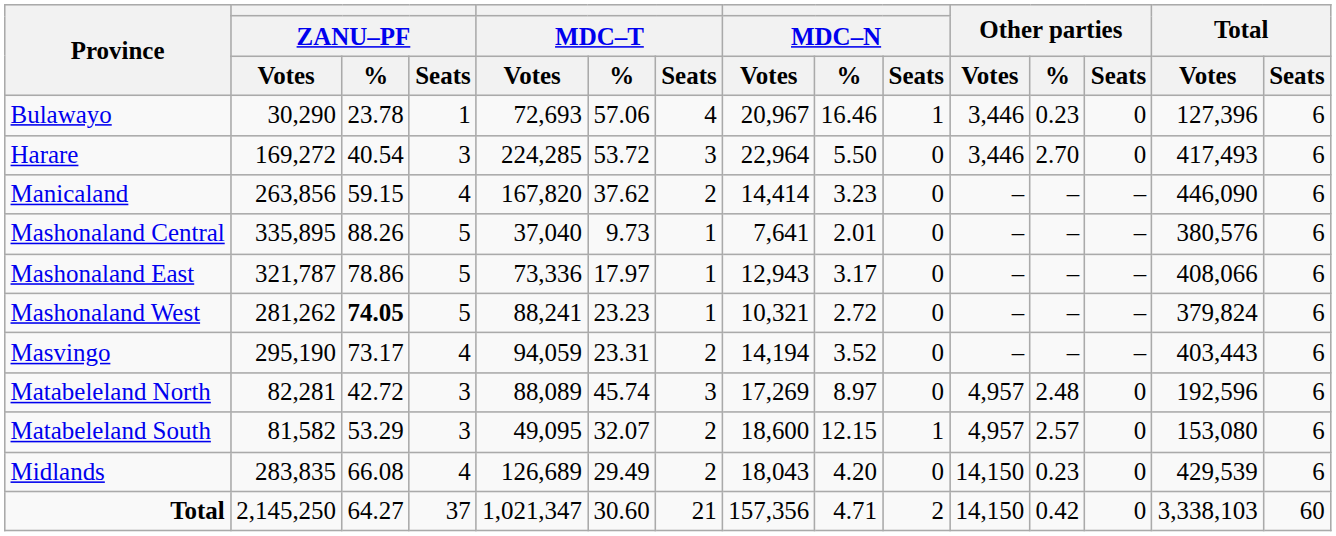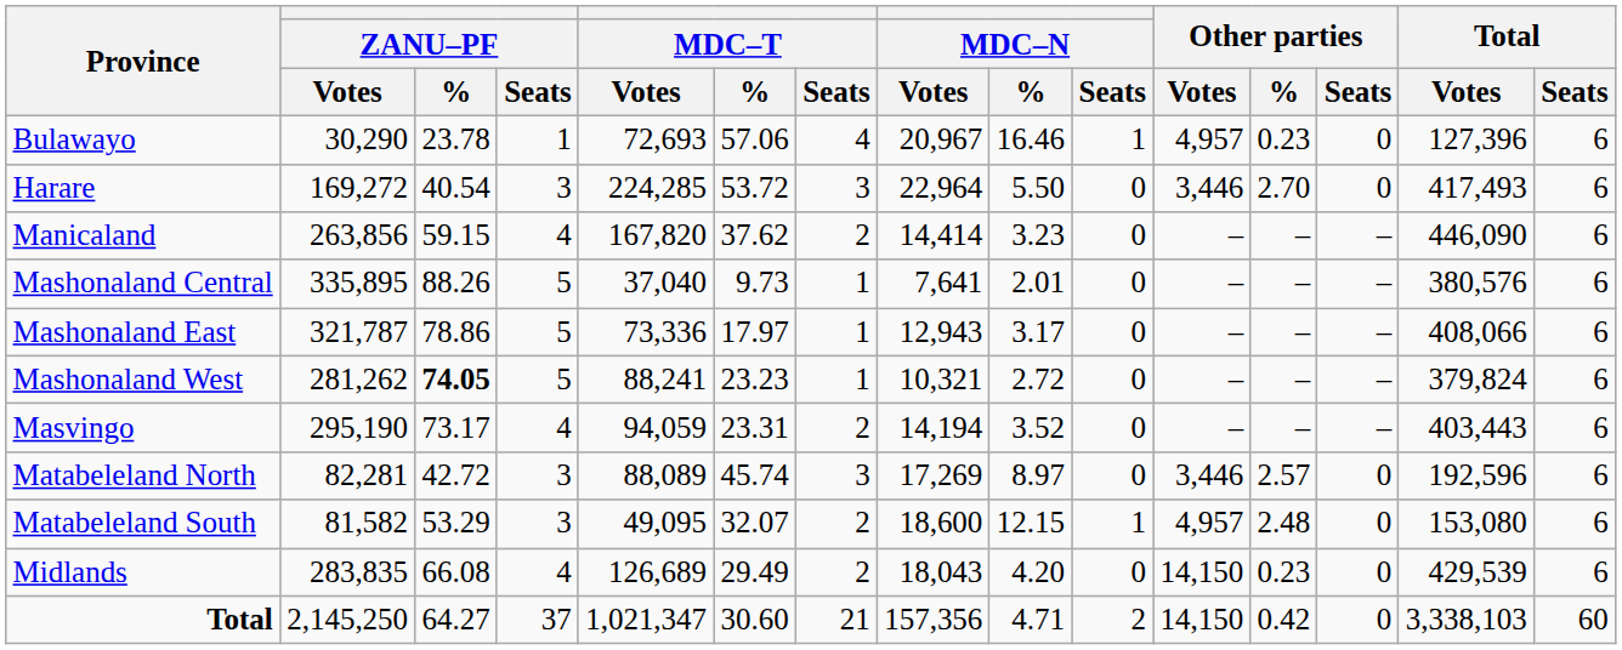 <table class="wikitable" style="text-align:right">
 <tr>
 <th rowspan="3">Province</th>
 <th colspan="3" style="background-color: "></th>
 <th colspan="3" style="background-color: "></th>
 <th colspan="3" style="background-color: "></th>
 <th colspan="3" rowspan="2">Other parties</th>
 <th colspan="2" rowspan="2">Total</th>
 </tr>
 <tr>
 <th colspan="3"><a href='#'>ZANU–PF</a></th>
 <th colspan="3"><a href='#'>MDC–T</a></th>
 <th colspan="3"><a href='#'>MDC–N</a></th>
 </tr>
 <tr>
 <th>Votes</th>
 <th>%</th>
 <th>Seats</th>
 <th>Votes</th>
 <th>%</th>
 <th>Seats</th>
 <th>Votes</th>
 <th>%</th>
 <th>Seats</th>
 <th>Votes</th>
 <th>%</th>
 <th>Seats</th>
 <th>Votes</th>
 <th>Seats</th>
 </tr>
 <tr>
 <td align="left"><a href='#'>Bulawayo</a></td>
 <td>30,290</td>
 <td>23.78</td>
 <td>1</td>
 <td>72,693</td>
 <td>57.06</td>
 <td>4</td>
 <td>20,967</td>
 <td>16.46</td>
 <td>1</td>
-<td>3,446</td>
+<td>4,957</td>
 <td>0.23</td>
 <td>0</td>
 <td>127,396</td>
 <td>6</td>
 </tr>
 <tr>
 <td align="left"><a href='#'>Harare</a></td>
 <td>169,272</td>
 <td>40.54</td>
 <td>3</td>
 <td>224,285</td>
 <td>53.72</td>
 <td>3</td>
 <td>22,964</td>
 <td>5.50</td>
 <td>0</td>
 <td>3,446</td>
 <td>2.70</td>
 <td>0</td>
 <td>417,493</td>
 <td>6</td>
 </tr>
 <tr>
 <td align="left"><a href='#'>Manicaland</a></td>
 <td>263,856</td>
 <td>59.15</td>
 <td>4</td>
 <td>167,820</td>
 <td>37.62</td>
 <td>2</td>
 <td>14,414</td>
 <td>3.23</td>
 <td>0</td>
 <td>–</td>
 <td>–</td>
 <td>–</td>
 <td>446,090</td>
 <td>6</td>
 </tr>
 <tr>
 <td align="left"><a href='#'>Mashonaland Central</a></td>
 <td>335,895</td>
 <td>88.26</td>
 <td>5</td>
 <td>37,040</td>
 <td>9.73</td>
 <td>1</td>
 <td>7,641</td>
 <td>2.01</td>
 <td>0</td>
 <td>–</td>
 <td>–</td>
 <td>–</td>
 <td>380,576</td>
 <td>6</td>
 </tr>
 <tr>
 <td align="left"><a href='#'>Mashonaland East</a></td>
 <td>321,787</td>
 <td>78.86</td>
 <td>5</td>
 <td>73,336</td>
 <td>17.97</td>
 <td>1</td>
 <td>12,943</td>
 <td>3.17</td>
 <td>0</td>
 <td>–</td>
 <td>–</td>
 <td>–</td>
 <td>408,066</td>
 <td>6</td>
 </tr>
 <tr>
 <td align="left"><a href='#'>Mashonaland West</a></td>
 <td>281,262</td>
 <td><strong>74.05</strong></td>
 <td>5</td>
 <td>88,241</td>
 <td>23.23</td>
 <td>1</td>
 <td>10,321</td>
 <td>2.72</td>
 <td>0</td>
 <td>–</td>
 <td>–</td>
 <td>–</td>
 <td>379,824</td>
 <td>6</td>
 </tr>
 <tr>
 <td align="left"><a href='#'>Masvingo</a></td>
 <td>295,190</td>
 <td>73.17</td>
 <td>4</td>
 <td>94,059</td>
 <td>23.31</td>
 <td>2</td>
 <td>14,194</td>
 <td>3.52</td>
 <td>0</td>
 <td>–</td>
 <td>–</td>
 <td>–</td>
 <td>403,443</td>
 <td>6</td>
 </tr>
 <tr>
 <td align="left"><a href='#'>Matabeleland North</a></td>
 <td>82,281</td>
 <td>42.72</td>
 <td>3</td>
 <td>88,089</td>
 <td>45.74</td>
 <td>3</td>
 <td>17,269</td>
 <td>8.97</td>
 <td>0</td>
-<td>4,957</td>
-<td>2.48</td>
+<td>3,446</td>
+<td>2.57</td>
 <td>0</td>
 <td>192,596</td>
 <td>6</td>
 </tr>
 <tr>
 <td align="left"><a href='#'>Matabeleland South</a></td>
 <td>81,582</td>
 <td>53.29</td>
 <td>3</td>
 <td>49,095</td>
 <td>32.07</td>
 <td>2</td>
 <td>18,600</td>
 <td>12.15</td>
 <td>1</td>
 <td>4,957</td>
-<td>2.57</td>
+<td>2.48</td>
 <td>0</td>
 <td>153,080</td>
 <td>6</td>
 </tr>
 <tr>
 <td align="left"><a href='#'>Midlands</a></td>
 <td>283,835</td>
 <td>66.08</td>
 <td>4</td>
 <td>126,689</td>
 <td>29.49</td>
 <td>2</td>
 <td>18,043</td>
 <td>4.20</td>
 <td>0</td>
 <td>14,150</td>
 <td>0.23</td>
 <td>0</td>
 <td>429,539</td>
 <td>6</td>
 </tr>
 <tr>
 <td><strong>Total</strong></td>
 <td>2,145,250</td>
 <td>64.27</td>
 <td>37</td>
 <td>1,021,347</td>
 <td>30.60</td>
 <td>21</td>
 <td>157,356</td>
 <td>4.71</td>
 <td>2</td>
 <td>14,150</td>
 <td>0.42</td>
 <td>0</td>
 <td>3,338,103</td>
 <td>60</td>
 </tr>
 </table>
